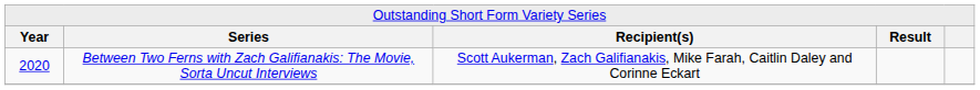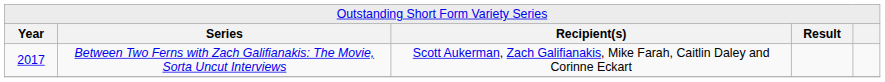 <table class="wikitable plainrowheaders" style="font-size: 100%" width=90%>
 <tr>
 <td style="background: #ececec; color:grey; text-align:center;" colspan="10"><a href='#'>Outstanding Short Form Variety Series</a></td>
 </tr>
 <tr>
 <th width="4%">Year</th>
 <th width="25%">Series</th>
 <th width="30%">Recipient(s)</th>
 <th width="4%">Result</th>
 <th width="2%"></th>
 </tr>
 <tr>
-<td style="text-align:center;"><a href='#'>2020</a></td>
+<td style="text-align:center;"><a href='#'>2017</a></td>
 <td style="text-align:center;"><em><a href='#'>Between Two Ferns with Zach Galifianakis: The Movie, Sorta Uncut Interviews</a></em></td>
 <td style="text-align:center;"><a href='#'>Scott Aukerman</a>, <a href='#'>Zach Galifianakis</a>, Mike Farah, Caitlin Daley and Corinne Eckart</td>
 <td></td>
 <td style="text-align:center;"></td>
 </tr>
 <tr>
 </tr>
 </table>
